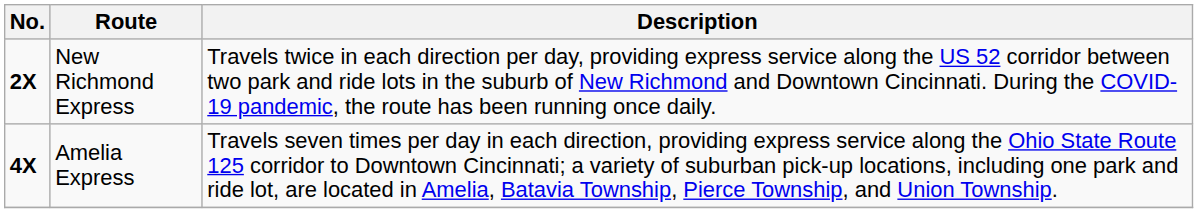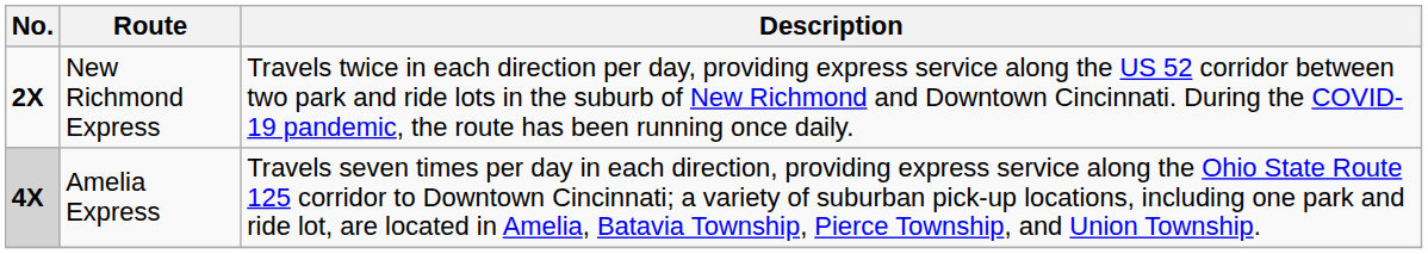 <table class="wikitable">
 <tr>
 <th>No.</th>
 <th>Route</th>
 <th>Description</th>
 </tr>
 <tr>
 <td><strong>2X</strong></td>
 <td>New Richmond Express</td>
 <td>Travels twice in each direction per day, providing express service along the <a href='#'>US 52</a> corridor between two park and ride lots in the suburb of <a href='#'>New Richmond</a> and Downtown Cincinnati. During the <a href='#'>COVID-19 pandemic</a>, the route has been running once daily.</td>
 </tr>
 <tr>
-<td><strong>4X</strong></td>
+<td style="background: lightgrey;"><strong>4X</strong></td>
 <td>Amelia Express</td>
 <td>Travels seven times per day in each direction, providing express service along the <a href='#'>Ohio State Route 125</a> corridor to Downtown Cincinnati; a variety of suburban pick-up locations, including one park and ride lot, are located in <a href='#'>Amelia</a>, <a href='#'>Batavia Township</a>, <a href='#'>Pierce Township</a>, and <a href='#'>Union Township</a>.</td>
 </tr>
 <tr>
 </tr>
 </table>
